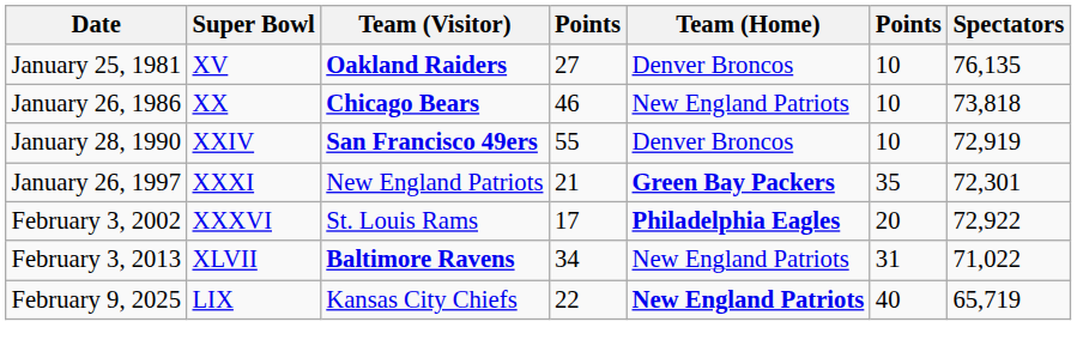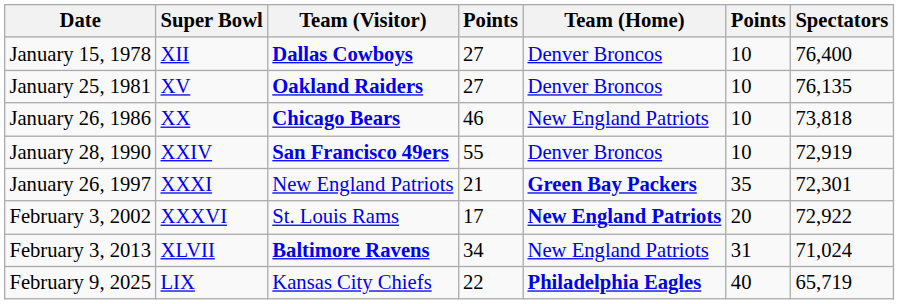 <table class="wikitable" style=font-size:100% style="text-align:center">
 <tr>
 <th style="text-align:center;">Date</th>
 <th style="text-align:center;">Super Bowl</th>
 <th style="text-align:center;">Team (Visitor)</th>
 <th style="text-align:center;">Points</th>
 <th style="text-align:center;">Team (Home)</th>
 <th style="text-align:center;">Points</th>
 <th style="text-align:center;">Spectators</th>
+</tr>
+<tr>
+<td>January 15, 1978</td>
+<td><a href='#'>XII</a></td>
+<td><strong><a href='#'>Dallas Cowboys</a></strong></td>
+<td>27</td>
+<td><a href='#'>Denver Broncos</a></td>
+<td>10</td>
+<td>76,400</td>
 </tr>
 <tr>
 <td>January 25, 1981</td>
 <td><a href='#'>XV</a></td>
 <td><strong><a href='#'>Oakland Raiders</a></strong></td>
 <td>27</td>
 <td><a href='#'>Denver Broncos</a></td>
 <td>10</td>
 <td>76,135</td>
 </tr>
 <tr>
 <td>January 26, 1986</td>
 <td><a href='#'>XX</a></td>
 <td><strong><a href='#'>Chicago Bears</a></strong></td>
 <td>46</td>
 <td><a href='#'>New England Patriots</a></td>
 <td>10</td>
 <td>73,818</td>
 </tr>
 <tr>
 <td>January 28, 1990</td>
 <td><a href='#'>XXIV</a></td>
 <td><strong><a href='#'>San Francisco 49ers</a></strong></td>
 <td>55</td>
 <td><a href='#'>Denver Broncos</a></td>
 <td>10</td>
 <td>72,919</td>
 </tr>
 <tr>
 <td>January 26, 1997</td>
 <td><a href='#'>XXXI</a></td>
 <td><a href='#'>New England Patriots</a></td>
 <td>21</td>
 <td><strong><a href='#'>Green Bay Packers</a></strong></td>
 <td>35</td>
 <td>72,301</td>
 </tr>
 <tr>
 <td>February 3, 2002</td>
 <td><a href='#'>XXXVI</a></td>
 <td><a href='#'>St. Louis Rams</a></td>
 <td>17</td>
-<td><strong><a href='#'>Philadelphia Eagles</a></strong></td>
+<td><strong><a href='#'>New England Patriots</a></strong></td>
 <td>20</td>
 <td>72,922</td>
 </tr>
 <tr>
 <td>February 3, 2013</td>
 <td><a href='#'>XLVII</a></td>
 <td><strong><a href='#'>Baltimore Ravens</a></strong></td>
 <td>34</td>
 <td><a href='#'>New England Patriots</a></td>
 <td>31</td>
-<td>71,022</td>
+<td>71,024</td>
 </tr>
 <tr>
 <td>February 9, 2025</td>
 <td><a href='#'>LIX</a></td>
 <td><a href='#'>Kansas City Chiefs</a></td>
 <td>22</td>
-<td><strong><a href='#'>New England Patriots</a></strong></td>
+<td><strong><a href='#'>Philadelphia Eagles</a></strong></td>
 <td>40</td>
 <td>65,719</td>
 </tr>
 </table>
